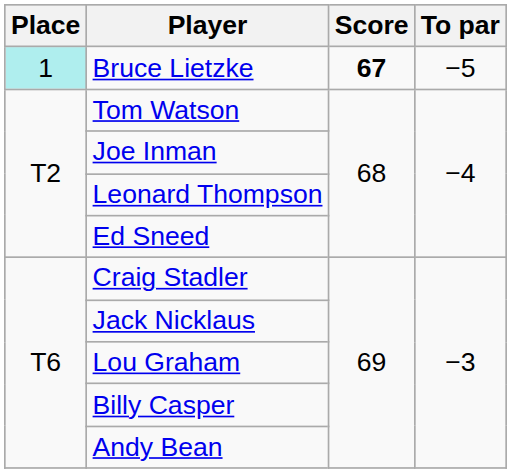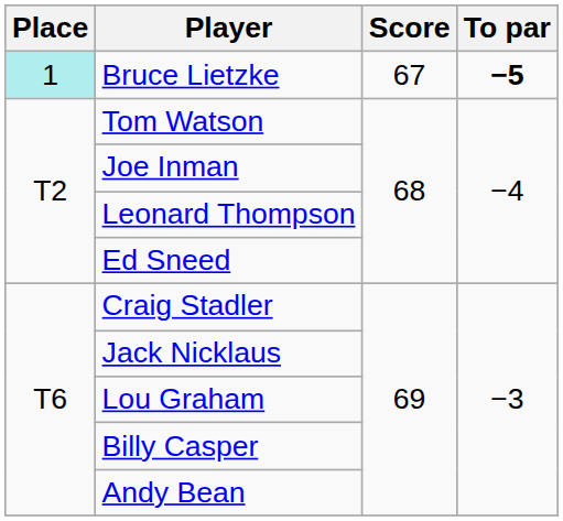 <table class="wikitable">
 <tr>
 <th>Place</th>
 <th>Player</th>
 <th>Score</th>
 <th>To par</th>
 </tr>
 <tr>
 <td align=center style="background: paleturquoise;">1</td>
 <td> <a href='#'>Bruce Lietzke</a></td>
-<td align=center><strong>67</strong></td>
-<td align=center>−5</td>
+<td align=center>67</td>
+<td align=center><strong>−5</strong></td>
 </tr>
 <tr>
 <td align=center rowspan=4>T2</td>
 <td> <a href='#'>Tom Watson</a></td>
 <td align=center rowspan=4>68</td>
 <td rowspan=4 align=center>−4</td>
 </tr>
 <tr>
 <td> <a href='#'>Joe Inman</a></td>
 </tr>
 <tr>
 <td> <a href='#'>Leonard Thompson</a></td>
 </tr>
 <tr>
 <td> <a href='#'>Ed Sneed</a></td>
 </tr>
 <tr>
 <td align=center rowspan=5>T6</td>
 <td> <a href='#'>Craig Stadler</a></td>
 <td align=center rowspan=5>69</td>
 <td rowspan=5 align=center>−3</td>
 </tr>
 <tr>
 <td> <a href='#'>Jack Nicklaus</a></td>
 </tr>
 <tr>
 <td> <a href='#'>Lou Graham</a></td>
 </tr>
 <tr>
 <td> <a href='#'>Billy Casper</a></td>
 </tr>
 <tr>
 <td> <a href='#'>Andy Bean</a></td>
 </tr>
 </table>
